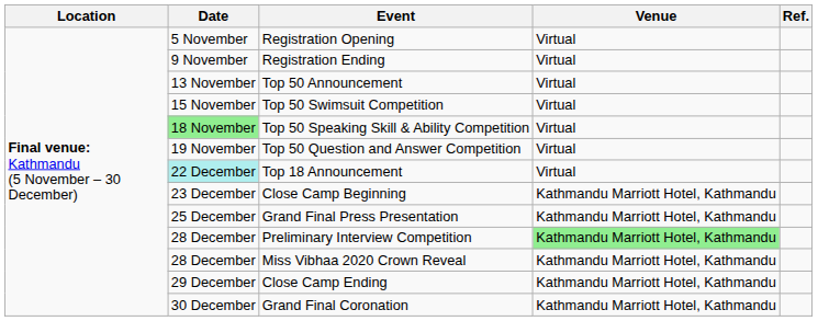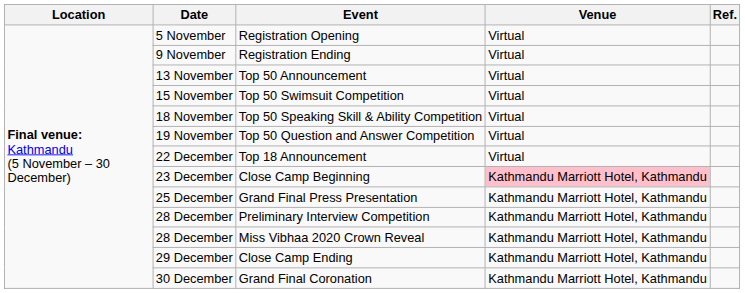 <table class="wikitable" style="font-size: 90%">
 <tr>
 <th width=160>Location</th>
 <th>Date</th>
 <th>Event</th>
 <th>Venue</th>
 <th>Ref.</th>
 </tr>
 <tr>
 <td rowspan=13><strong>Final venue:</strong> <a href='#'>Kathmandu</a><br>(5 November – 30 December)</td>
 <td>5 November</td>
 <td>Registration Opening</td>
 <td>Virtual</td>
 <td align=center></td>
 </tr>
 <tr>
 <td>9 November</td>
 <td>Registration Ending</td>
 <td>Virtual</td>
 <td align=center></td>
 </tr>
 <tr>
 <td>13 November</td>
 <td>Top 50 Announcement</td>
 <td>Virtual</td>
 <td align=center></td>
 </tr>
 <tr>
 <td>15 November</td>
 <td>Top 50 Swimsuit Competition</td>
 <td>Virtual</td>
 <td align=center></td>
 </tr>
 <tr>
-<td style="background: lightgreen;">18 November</td>
+<td>18 November</td>
 <td>Top 50 Speaking Skill & Ability Competition</td>
 <td>Virtual</td>
 <td align=center></td>
 </tr>
 <tr>
 <td>19 November</td>
 <td>Top 50 Question and Answer Competition</td>
 <td>Virtual</td>
 <td align=center></td>
 </tr>
 <tr>
-<td style="background: paleturquoise;">22 December</td>
+<td>22 December</td>
 <td>Top 18 Announcement</td>
 <td>Virtual</td>
 <td align=center></td>
 </tr>
 <tr>
 <td>23 December</td>
 <td>Close Camp Beginning</td>
-<td>Kathmandu Marriott Hotel, Kathmandu</td>
+<td style="background: pink;">Kathmandu Marriott Hotel, Kathmandu</td>
 <td align=center></td>
 </tr>
 <tr>
 <td>25 December</td>
 <td>Grand Final Press Presentation</td>
 <td>Kathmandu Marriott Hotel, Kathmandu</td>
 <td align=center></td>
 </tr>
 <tr>
 <td>28 December</td>
 <td>Preliminary Interview Competition</td>
-<td style="background: lightgreen;">Kathmandu Marriott Hotel, Kathmandu</td>
+<td>Kathmandu Marriott Hotel, Kathmandu</td>
 <td align=center></td>
 </tr>
 <tr>
 <td>28 December</td>
 <td>Miss Vibhaa 2020 Crown Reveal</td>
 <td>Kathmandu Marriott Hotel, Kathmandu</td>
 <td align=center></td>
 </tr>
 <tr>
 <td>29 December</td>
 <td>Close Camp Ending</td>
 <td>Kathmandu Marriott Hotel, Kathmandu</td>
 <td align=center></td>
 </tr>
 <tr>
 <td>30 December</td>
 <td>Grand Final Coronation</td>
 <td>Kathmandu Marriott Hotel, Kathmandu</td>
 <td align=center></td>
 </tr>
 </table>
